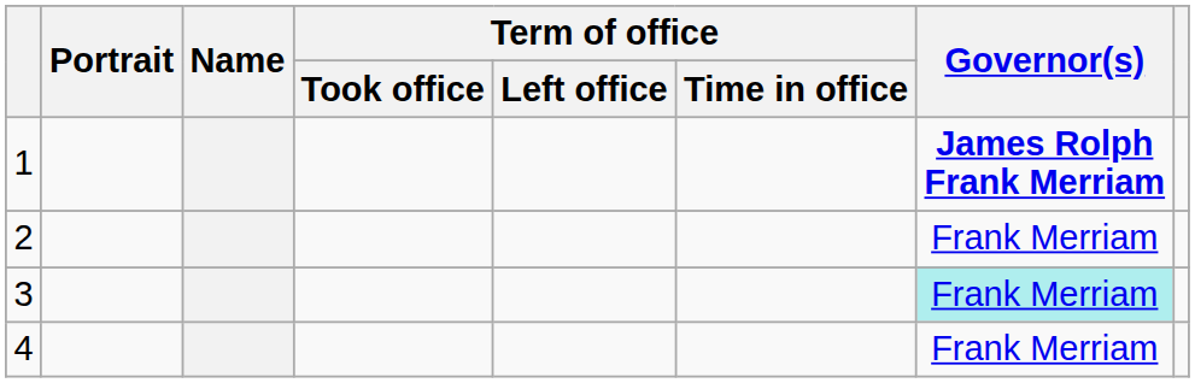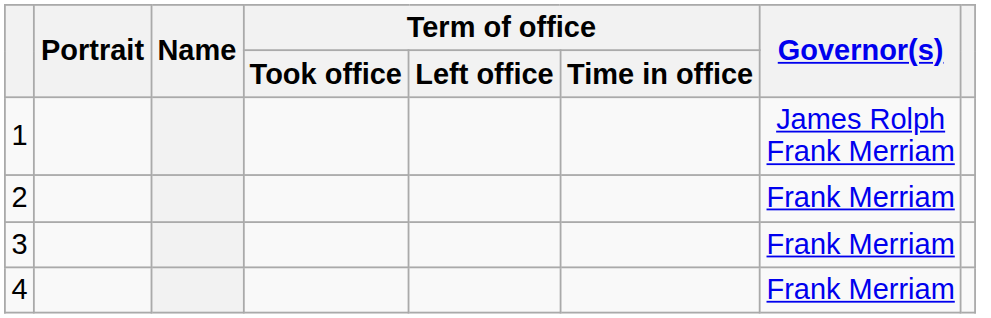 <table class="wikitable sortable" style="text-align:center">
 <tr>
 <th rowspan="2" scope="col"></th>
 <th rowspan="2" scope="col" class="unsortable">Portrait</th>
 <th rowspan="2" scope="col">Name</th>
 <th colspan="3" scope="col">Term of office</th>
 <th rowspan="2" scope="col"><a href='#'>Governor(s)</a></th>
 <th rowspan="2" scope="col" class="unsortable"></th>
 </tr>
 <tr>
 <th scope="col">Took office</th>
 <th scope="col">Left office</th>
 <th scope="col">Time in office</th>
 </tr>
 <tr>
 <td>1</td>
 <td></td>
 <th scope="row"></th>
 <td></td>
 <td></td>
 <td></td>
-<td><strong><a href='#'>James Rolph</a><br><a href='#'>Frank Merriam</a></strong></td>
+<td><a href='#'>James Rolph</a><br><a href='#'>Frank Merriam</a></td>
 <td></td>
 </tr>
 <tr>
 <td>2</td>
 <td></td>
 <th scope="row"></th>
 <td></td>
 <td></td>
 <td></td>
 <td><a href='#'>Frank Merriam</a></td>
 <td></td>
 </tr>
 <tr>
 <td>3</td>
 <td></td>
 <th scope="row"></th>
 <td></td>
 <td></td>
 <td></td>
-<td style="background: paleturquoise;"><a href='#'>Frank Merriam</a></td>
+<td><a href='#'>Frank Merriam</a></td>
 <td></td>
 </tr>
 <tr>
 <td>4</td>
 <td></td>
 <th scope="row"></th>
 <td></td>
 <td></td>
 <td></td>
 <td><a href='#'>Frank Merriam</a></td>
 </tr>
 </table>
